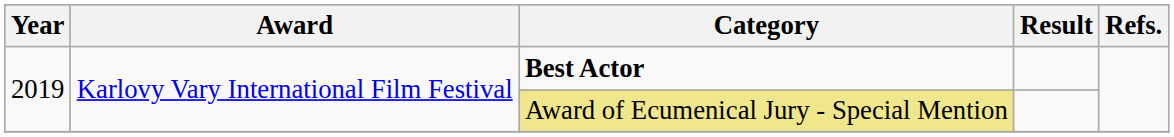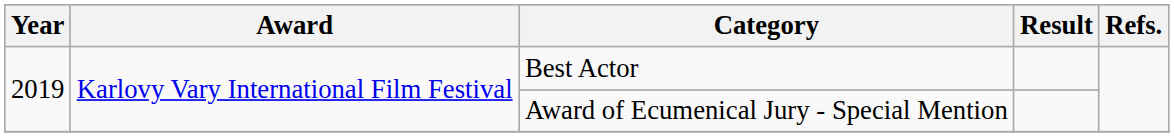 <table class="wikitable">
 <tr>
 <th>Year</th>
 <th>Award</th>
 <th>Category</th>
 <th><strong>Result</strong></th>
 <th>Refs.</th>
 </tr>
 <tr>
 <td rowspan="2">2019</td>
 <td rowspan="2"><a href='#'>Karlovy Vary International Film Festival</a></td>
-<td><strong>Best Actor</strong></td>
+<td>Best Actor</td>
 <td></td>
 <td rowspan="2"></td>
 </tr>
 <tr>
-<td style="background: khaki;">Award of Ecumenical Jury - Special Mention</td>
+<td>Award of Ecumenical Jury - Special Mention</td>
 <td></td>
 </tr>
 <tr>
 </tr>
 </table>
